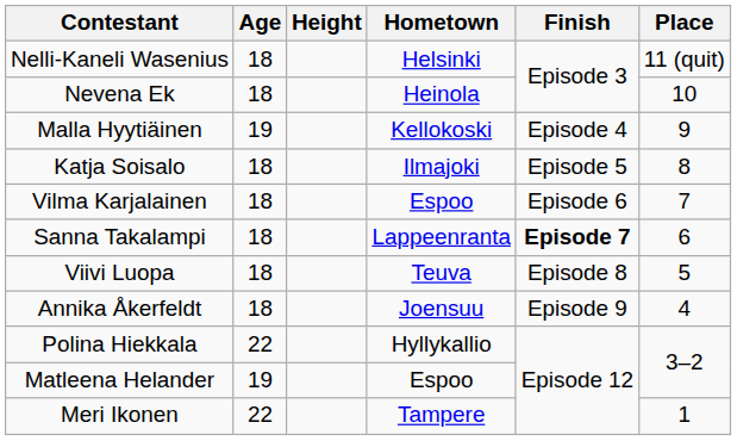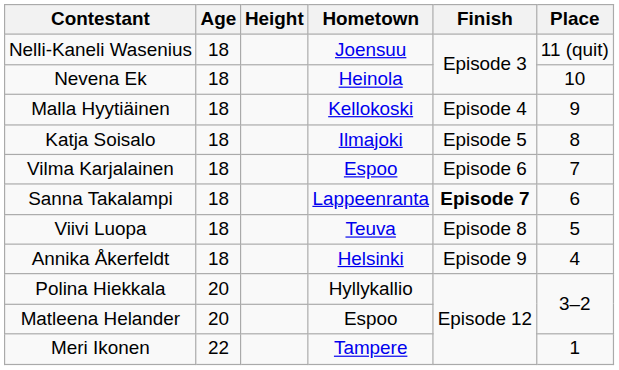 <table class="wikitable sortable" style="text-align:center;">
 <tr>
 <th>Contestant</th>
 <th>Age</th>
 <th>Height</th>
 <th>Hometown</th>
 <th>Finish</th>
 <th>Place</th>
 </tr>
 <tr>
 <td>Nelli-Kaneli Wasenius</td>
 <td>18</td>
 <td></td>
-<td><a href='#'>Helsinki</a></td>
+<td><a href='#'>Joensuu</a></td>
 <td rowspan="2">Episode 3</td>
 <td>11 (quit)</td>
 </tr>
 <tr>
 <td>Nevena Ek</td>
 <td>18</td>
 <td></td>
 <td><a href='#'>Heinola</a></td>
 <td>10</td>
 </tr>
 <tr>
 <td>Malla Hyytiäinen</td>
-<td>19</td>
+<td>18</td>
 <td></td>
 <td><a href='#'>Kellokoski</a></td>
 <td>Episode 4</td>
 <td>9</td>
 </tr>
 <tr>
 <td>Katja Soisalo</td>
 <td>18</td>
 <td></td>
 <td><a href='#'>Ilmajoki</a></td>
 <td>Episode 5</td>
 <td>8</td>
 </tr>
 <tr>
 <td>Vilma Karjalainen</td>
 <td>18</td>
 <td></td>
 <td><a href='#'>Espoo</a></td>
 <td>Episode 6</td>
 <td>7</td>
 </tr>
 <tr>
 <td>Sanna Takalampi</td>
 <td>18</td>
 <td></td>
 <td><a href='#'>Lappeenranta</a></td>
 <td><strong>Episode 7</strong></td>
 <td>6</td>
 </tr>
 <tr>
 <td>Viivi Luopa</td>
 <td>18</td>
 <td></td>
 <td><a href='#'>Teuva</a></td>
 <td>Episode 8</td>
 <td>5</td>
 </tr>
 <tr>
 <td>Annika Åkerfeldt</td>
 <td>18</td>
 <td></td>
-<td><a href='#'>Joensuu</a></td>
+<td><a href='#'>Helsinki</a></td>
 <td>Episode 9</td>
 <td>4</td>
 </tr>
 <tr>
 <td>Polina Hiekkala</td>
-<td>22</td>
+<td>20</td>
 <td></td>
 <td>Hyllykallio</td>
 <td rowspan="3">Episode 12</td>
 <td rowspan="2">3–2</td>
 </tr>
 <tr>
 <td>Matleena Helander</td>
-<td>19</td>
+<td>20</td>
 <td></td>
 <td>Espoo</td>
 </tr>
 <tr>
 <td>Meri Ikonen</td>
 <td>22</td>
 <td></td>
 <td><a href='#'>Tampere</a></td>
 <td>1</td>
 </tr>
 </table>
